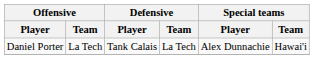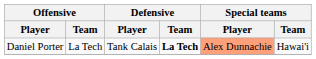 <table class="wikitable" border="1">
 <tr>
 <th colspan="2">Offensive</th>
 <th colspan="2">Defensive</th>
 <th colspan="2">Special teams</th>
 </tr>
 <tr>
 <th>Player</th>
 <th>Team</th>
 <th>Player</th>
 <th>Team</th>
 <th>Player</th>
 <th>Team</th>
 </tr>
 <tr>
 <td>Daniel Porter</td>
 <td>La Tech</td>
 <td>Tank Calais</td>
-<td>La Tech</td>
-<td>Alex Dunnachie</td>
+<td><strong>La Tech</strong></td>
+<td style="background: lightsalmon;">Alex Dunnachie</td>
 <td>Hawai'i</td>
 </tr>
 <tr>
 </tr>
 </table>
